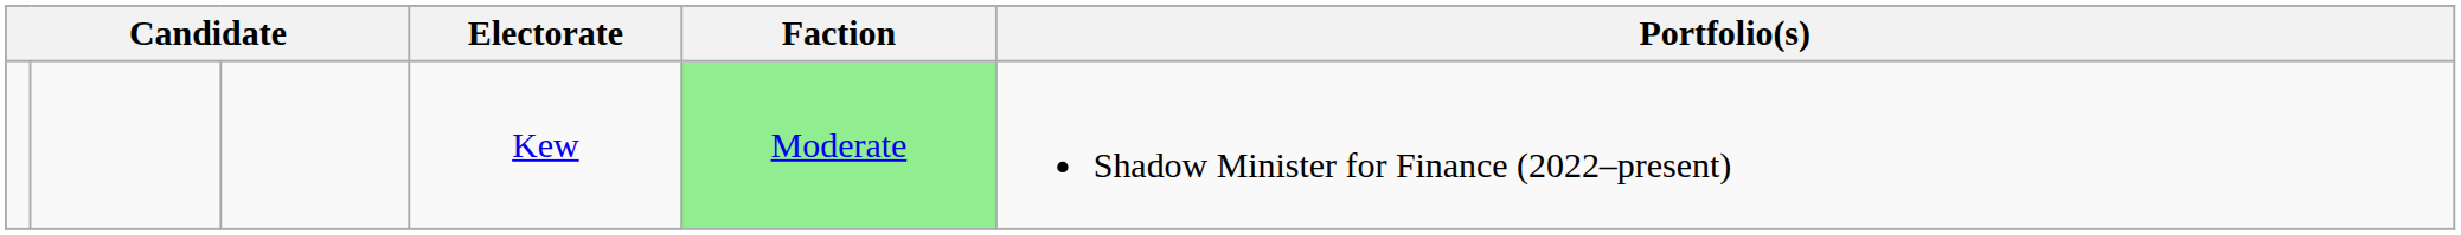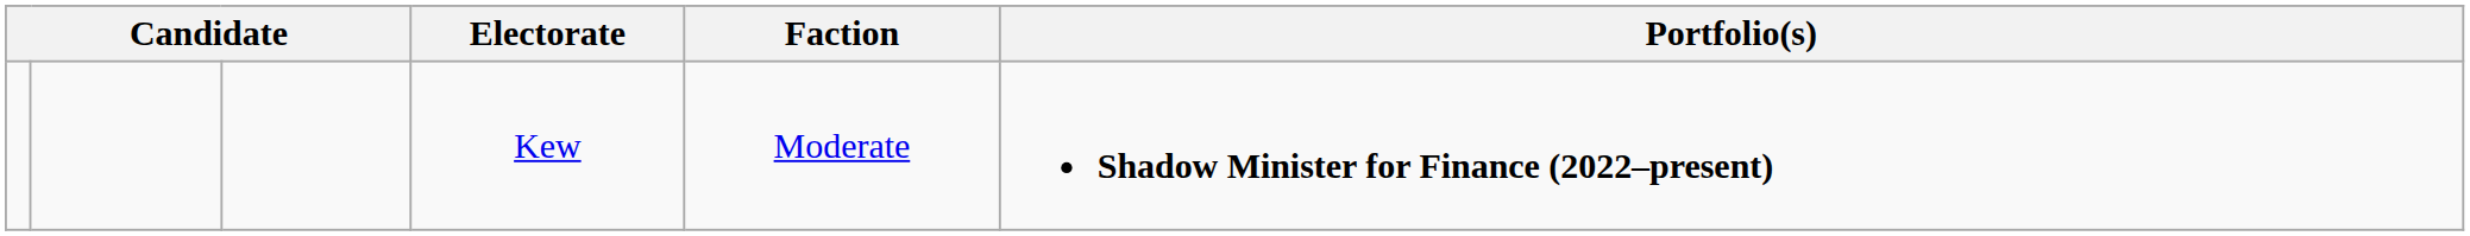 <table class="wikitable" style="text-align:center">
 <tr>
 <th width=175px; colspan=3>Candidate</th>
 <th width=115px>Electorate</th>
 <th width=135px>Faction</th>
 <th width=650px>Portfolio(s)</th>
 </tr>
 <tr>
 <td width="3pt" > </td>
 <td></td>
 <td></td>
 <td><a href='#'>Kew</a></td>
-<td style="background: lightgreen;"><a href='#'>Moderate</a></td>
-<td align=left><br><ul><li>Shadow Minister for Finance (2022–present)</li></ul></td>
+<td><a href='#'>Moderate</a></td>
+<td align=left><strong><br><ul><li>Shadow Minister for Finance (2022–present)</li></ul></strong></td>
 </tr>
 </table>
